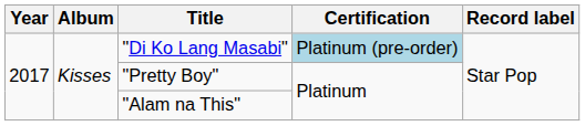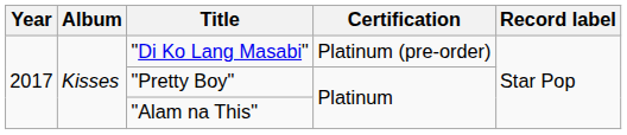 <table class="wikitable sortable">
 <tr>
 <th>Year</th>
 <th>Album</th>
 <th>Title</th>
 <th>Certification</th>
 <th>Record label</th>
 </tr>
 <tr>
 <td rowspan=3>2017</td>
 <td rowspan=3><em>Kisses</em></td>
 <td>"<a href='#'>Di Ko Lang Masabi</a>"</td>
-<td style="background: lightblue;">Platinum (pre-order)</td>
+<td>Platinum (pre-order)</td>
 <td rowspan=3>Star Pop</td>
 </tr>
 <tr>
 <td>"Pretty Boy"</td>
 <td rowspan=2>Platinum</td>
 </tr>
 <tr>
 <td>"Alam na This"</td>
 </tr>
 </table>
